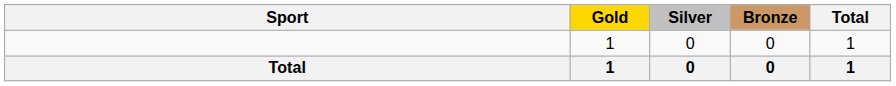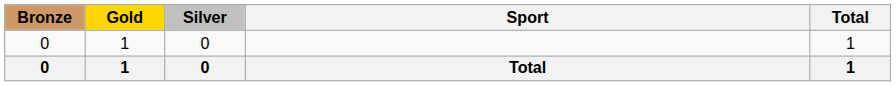 <table class="wikitable" style="text-align:center; font-size:90%;" width=50%>
 <tr>
-<th>Sport</th>
+<td style="background:#cc9966; width:4.5em; font-weight:bold;">Bronze</td>
 <td style="background:gold; width:4.5em; font-weight:bold;">Gold</td>
 <td style="background:silver; width:4.5em; font-weight:bold;">Silver</td>
-<td style="background:#cc9966; width:4.5em; font-weight:bold;">Bronze</td>
+<th>Sport</th>
 <th style="width:4.5em; font-weight:bold;">Total</th>
 </tr>
 <tr>
-<td align=left></td>
+<td>0</td>
 <td>1</td>
 <td>0</td>
-<td>0</td>
+<td align=left></td>
 <td>1</td>
 </tr>
 <tr>
-<th>Total</th>
+<th>0</th>
 <th>1</th>
 <th>0</th>
-<th>0</th>
+<th>Total</th>
 <th>1</th>
 </tr>
 </table>
